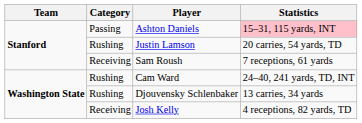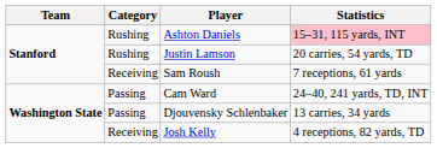 <table class="wikitable" style="float: right;">
 <tr>
 <th>Team</th>
 <th>Category</th>
 <th>Player</th>
 <th>Statistics</th>
 </tr>
 <tr>
 <td rowspan=3><strong>Stanford</strong></td>
-<td>Passing</td>
+<td>Rushing</td>
 <td><a href='#'>Ashton Daniels</a></td>
 <td style="background: pink;">15–31, 115 yards, INT</td>
 </tr>
 <tr>
 <td>Rushing</td>
 <td><a href='#'>Justin Lamson</a></td>
 <td>20 carries, 54 yards, TD</td>
 </tr>
 <tr>
 <td>Receiving</td>
 <td>Sam Roush</td>
 <td>7 receptions, 61 yards</td>
 </tr>
 <tr>
 <td rowspan=3><strong>Washington State</strong></td>
-<td>Rushing</td>
+<td>Passing</td>
 <td>Cam Ward</td>
 <td>24–40, 241 yards, TD, INT</td>
 </tr>
 <tr>
-<td>Rushing</td>
+<td>Passing</td>
 <td>Djouvensky Schlenbaker</td>
 <td>13 carries, 34 yards</td>
 </tr>
 <tr>
 <td>Receiving</td>
 <td><a href='#'>Josh Kelly</a></td>
 <td>4 receptions, 82 yards, TD</td>
 </tr>
 </table>
